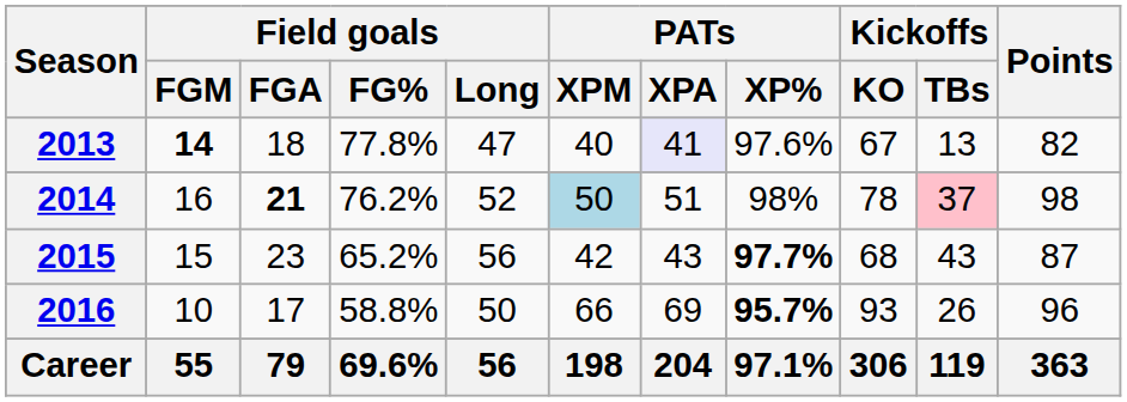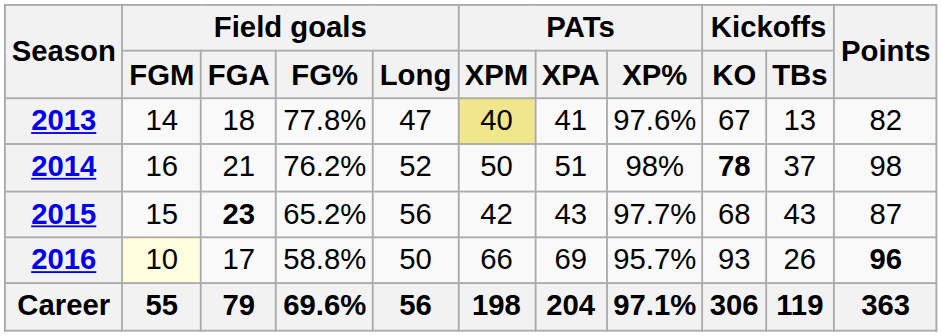 <table class="wikitable sortable" style="text-align:center;" width="auto">
 <tr>
 <th rowspan="2">Season</th>
 <th colspan="4">Field goals</th>
 <th colspan="3">PATs</th>
 <th colspan="2">Kickoffs</th>
 <th rowspan="2">Points</th>
 </tr>
 <tr>
 <th>FGM</th>
 <th>FGA</th>
 <th>FG%</th>
 <th>Long</th>
 <th>XPM</th>
 <th>XPA</th>
 <th>XP%</th>
 <th>KO</th>
 <th>TBs</th>
 </tr>
 <tr>
 <th><a href='#'>2013</a></th>
-<td><strong>14</strong></td>
+<td>14</td>
 <td>18</td>
 <td>77.8%</td>
 <td>47</td>
-<td>40</td>
-<td style="background: lavender;">41</td>
+<td style="background: khaki;">40</td>
+<td>41</td>
 <td>97.6%</td>
 <td>67</td>
 <td>13</td>
 <td>82</td>
 </tr>
 <tr>
 <th><a href='#'>2014</a></th>
 <td>16</td>
-<td><strong>21</strong></td>
+<td>21</td>
 <td>76.2%</td>
 <td>52</td>
-<td style="background: lightblue;">50</td>
+<td>50</td>
 <td>51</td>
 <td>98%</td>
-<td>78</td>
-<td style="background: pink;">37</td>
+<td><strong>78</strong></td>
+<td>37</td>
 <td>98</td>
 </tr>
 <tr>
 <th><a href='#'>2015</a></th>
 <td>15</td>
-<td>23</td>
+<td><strong>23</strong></td>
 <td>65.2%</td>
 <td>56</td>
 <td>42</td>
 <td>43</td>
-<td><strong>97.7%</strong></td>
+<td>97.7%</td>
 <td>68</td>
 <td>43</td>
 <td>87</td>
 </tr>
 <tr>
 <th><a href='#'>2016</a></th>
-<td>10</td>
+<td style="background: lightyellow;">10</td>
 <td>17</td>
 <td>58.8%</td>
 <td>50</td>
 <td>66</td>
 <td>69</td>
-<td><strong>95.7%</strong></td>
+<td>95.7%</td>
 <td>93</td>
 <td>26</td>
-<td>96</td>
+<td><strong>96</strong></td>
 </tr>
 <tr>
 <th>Career</th>
 <th>55</th>
 <th>79</th>
 <th>69.6%</th>
 <th>56</th>
 <th>198</th>
 <th>204</th>
 <th>97.1%</th>
 <th>306</th>
 <th>119</th>
 <th>363</th>
 </tr>
 </table>
